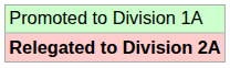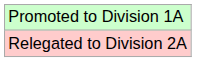 <table class="wikitable">
 <tr width=10px bgcolor="#ccffcc">
 <td>Promoted to Division 1A</td>
 </tr>
 <tr width=10px bgcolor="#ffcccc">
-<td><strong>Relegated to Division 2A</strong></td>
+<td>Relegated to Division 2A</td>
 </tr>
 </table>
